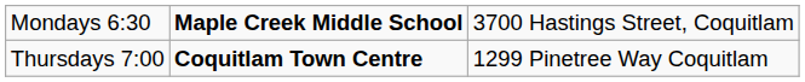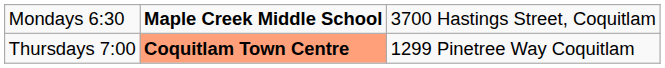 <table class="wikitable">
 <tr>
 <td>Mondays 6:30</td>
 <td><strong>Maple Creek Middle School</strong></td>
 <td>3700 Hastings Street, Coquitlam</td>
 </tr>
 <tr>
 <td>Thursdays 7:00</td>
-<td><strong>Coquitlam Town Centre</strong></td>
+<td style="background: lightsalmon;"><strong>Coquitlam Town Centre</strong></td>
 <td>1299 Pinetree Way Coquitlam</td>
 </tr>
 </table>
